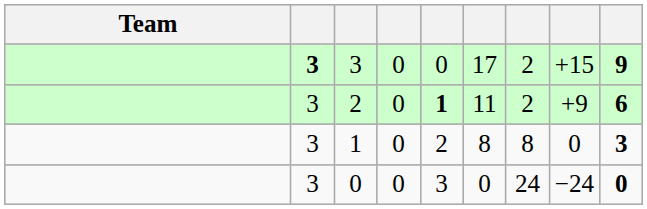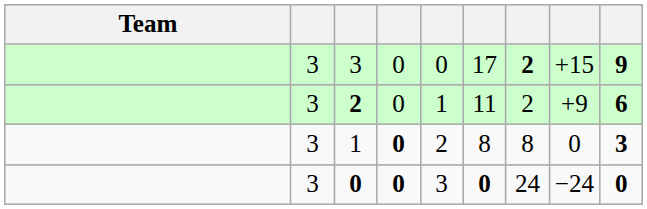 <table class="wikitable" style="text-align: center;">
 <tr>
 <th width="175">Team</th>
 <th width="20"></th>
 <th width="20"></th>
 <th width="20"></th>
 <th width="20"></th>
 <th width="20"></th>
 <th width="20"></th>
 <th width="20"></th>
 <th width="20"></th>
 </tr>
 <tr bgcolor="#ccffcc">
 <td align=left></td>
-<td><strong>3</strong></td>
+<td>3</td>
 <td>3</td>
 <td>0</td>
 <td>0</td>
 <td>17</td>
-<td>2</td>
+<td><strong>2</strong></td>
 <td>+15</td>
 <td><strong>9</strong></td>
 </tr>
 <tr bgcolor="#ccffcc">
 <td align=left></td>
 <td>3</td>
-<td>2</td>
+<td><strong>2</strong></td>
 <td>0</td>
-<td><strong>1</strong></td>
+<td>1</td>
 <td>11</td>
 <td>2</td>
 <td>+9</td>
 <td><strong>6</strong></td>
 </tr>
 <tr bgcolor=>
 <td align=left><em></em></td>
 <td>3</td>
 <td>1</td>
-<td>0</td>
+<td><strong>0</strong></td>
 <td>2</td>
 <td>8</td>
 <td>8</td>
 <td>0</td>
 <td><strong>3</strong></td>
 </tr>
 <tr bgcolor=>
 <td align=left></td>
 <td>3</td>
-<td>0</td>
-<td>0</td>
+<td><strong>0</strong></td>
+<td><strong>0</strong></td>
 <td>3</td>
-<td>0</td>
+<td><strong>0</strong></td>
 <td>24</td>
 <td>−24</td>
 <td><strong>0</strong></td>
 </tr>
 </table>
